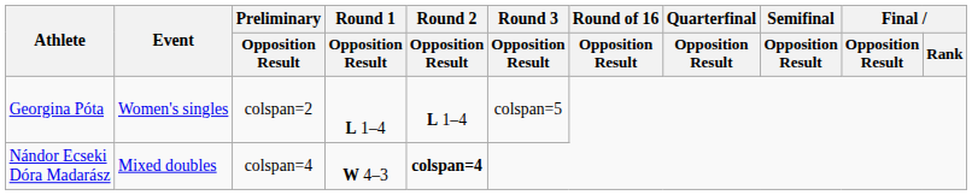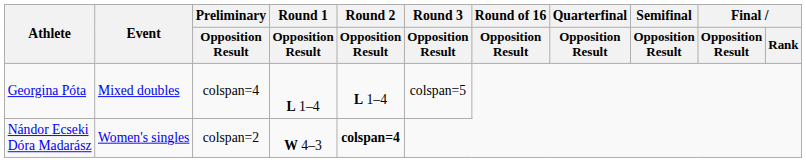 <table class="wikitable" style="font-size:90%;">
 <tr>
 <th rowspan=2>Athlete</th>
 <th rowspan=2>Event</th>
 <th>Preliminary</th>
 <th>Round 1</th>
 <th>Round 2</th>
 <th>Round 3</th>
 <th>Round of 16</th>
 <th>Quarterfinal</th>
 <th>Semifinal</th>
 <th colspan=2>Final / </th>
 </tr>
 <tr style="font-size:95%">
 <th>Opposition<br>Result</th>
 <th>Opposition<br>Result</th>
 <th>Opposition<br>Result</th>
 <th>Opposition<br>Result</th>
 <th>Opposition<br>Result</th>
 <th>Opposition<br>Result</th>
 <th>Opposition<br>Result</th>
 <th>Opposition<br>Result</th>
 <th>Rank</th>
 </tr>
 <tr align=center>
 <td align=left><a href='#'>Georgina Póta</a></td>
-<td align=left><a href='#'>Women's singles</a></td>
-<td>colspan=2 </td>
+<td align=left><a href='#'>Mixed doubles</a></td>
+<td>colspan=4 </td>
 <td><br><br><strong>L</strong> 1–4</td>
 <td><br><strong>L</strong> 1–4</td>
 <td>colspan=5 </td>
 </tr>
 <tr align=center>
 <td align=left><a href='#'>Nándor Ecseki</a><br><a href='#'>Dóra Madarász</a></td>
-<td align=left><a href='#'>Mixed doubles</a></td>
-<td>colspan=4 </td>
+<td align=left><a href='#'>Women's singles</a></td>
+<td>colspan=2 </td>
 <td><br><strong>W</strong> 4–3</td>
 <td><strong>colspan=4 </strong></td>
 </tr>
 </table>
